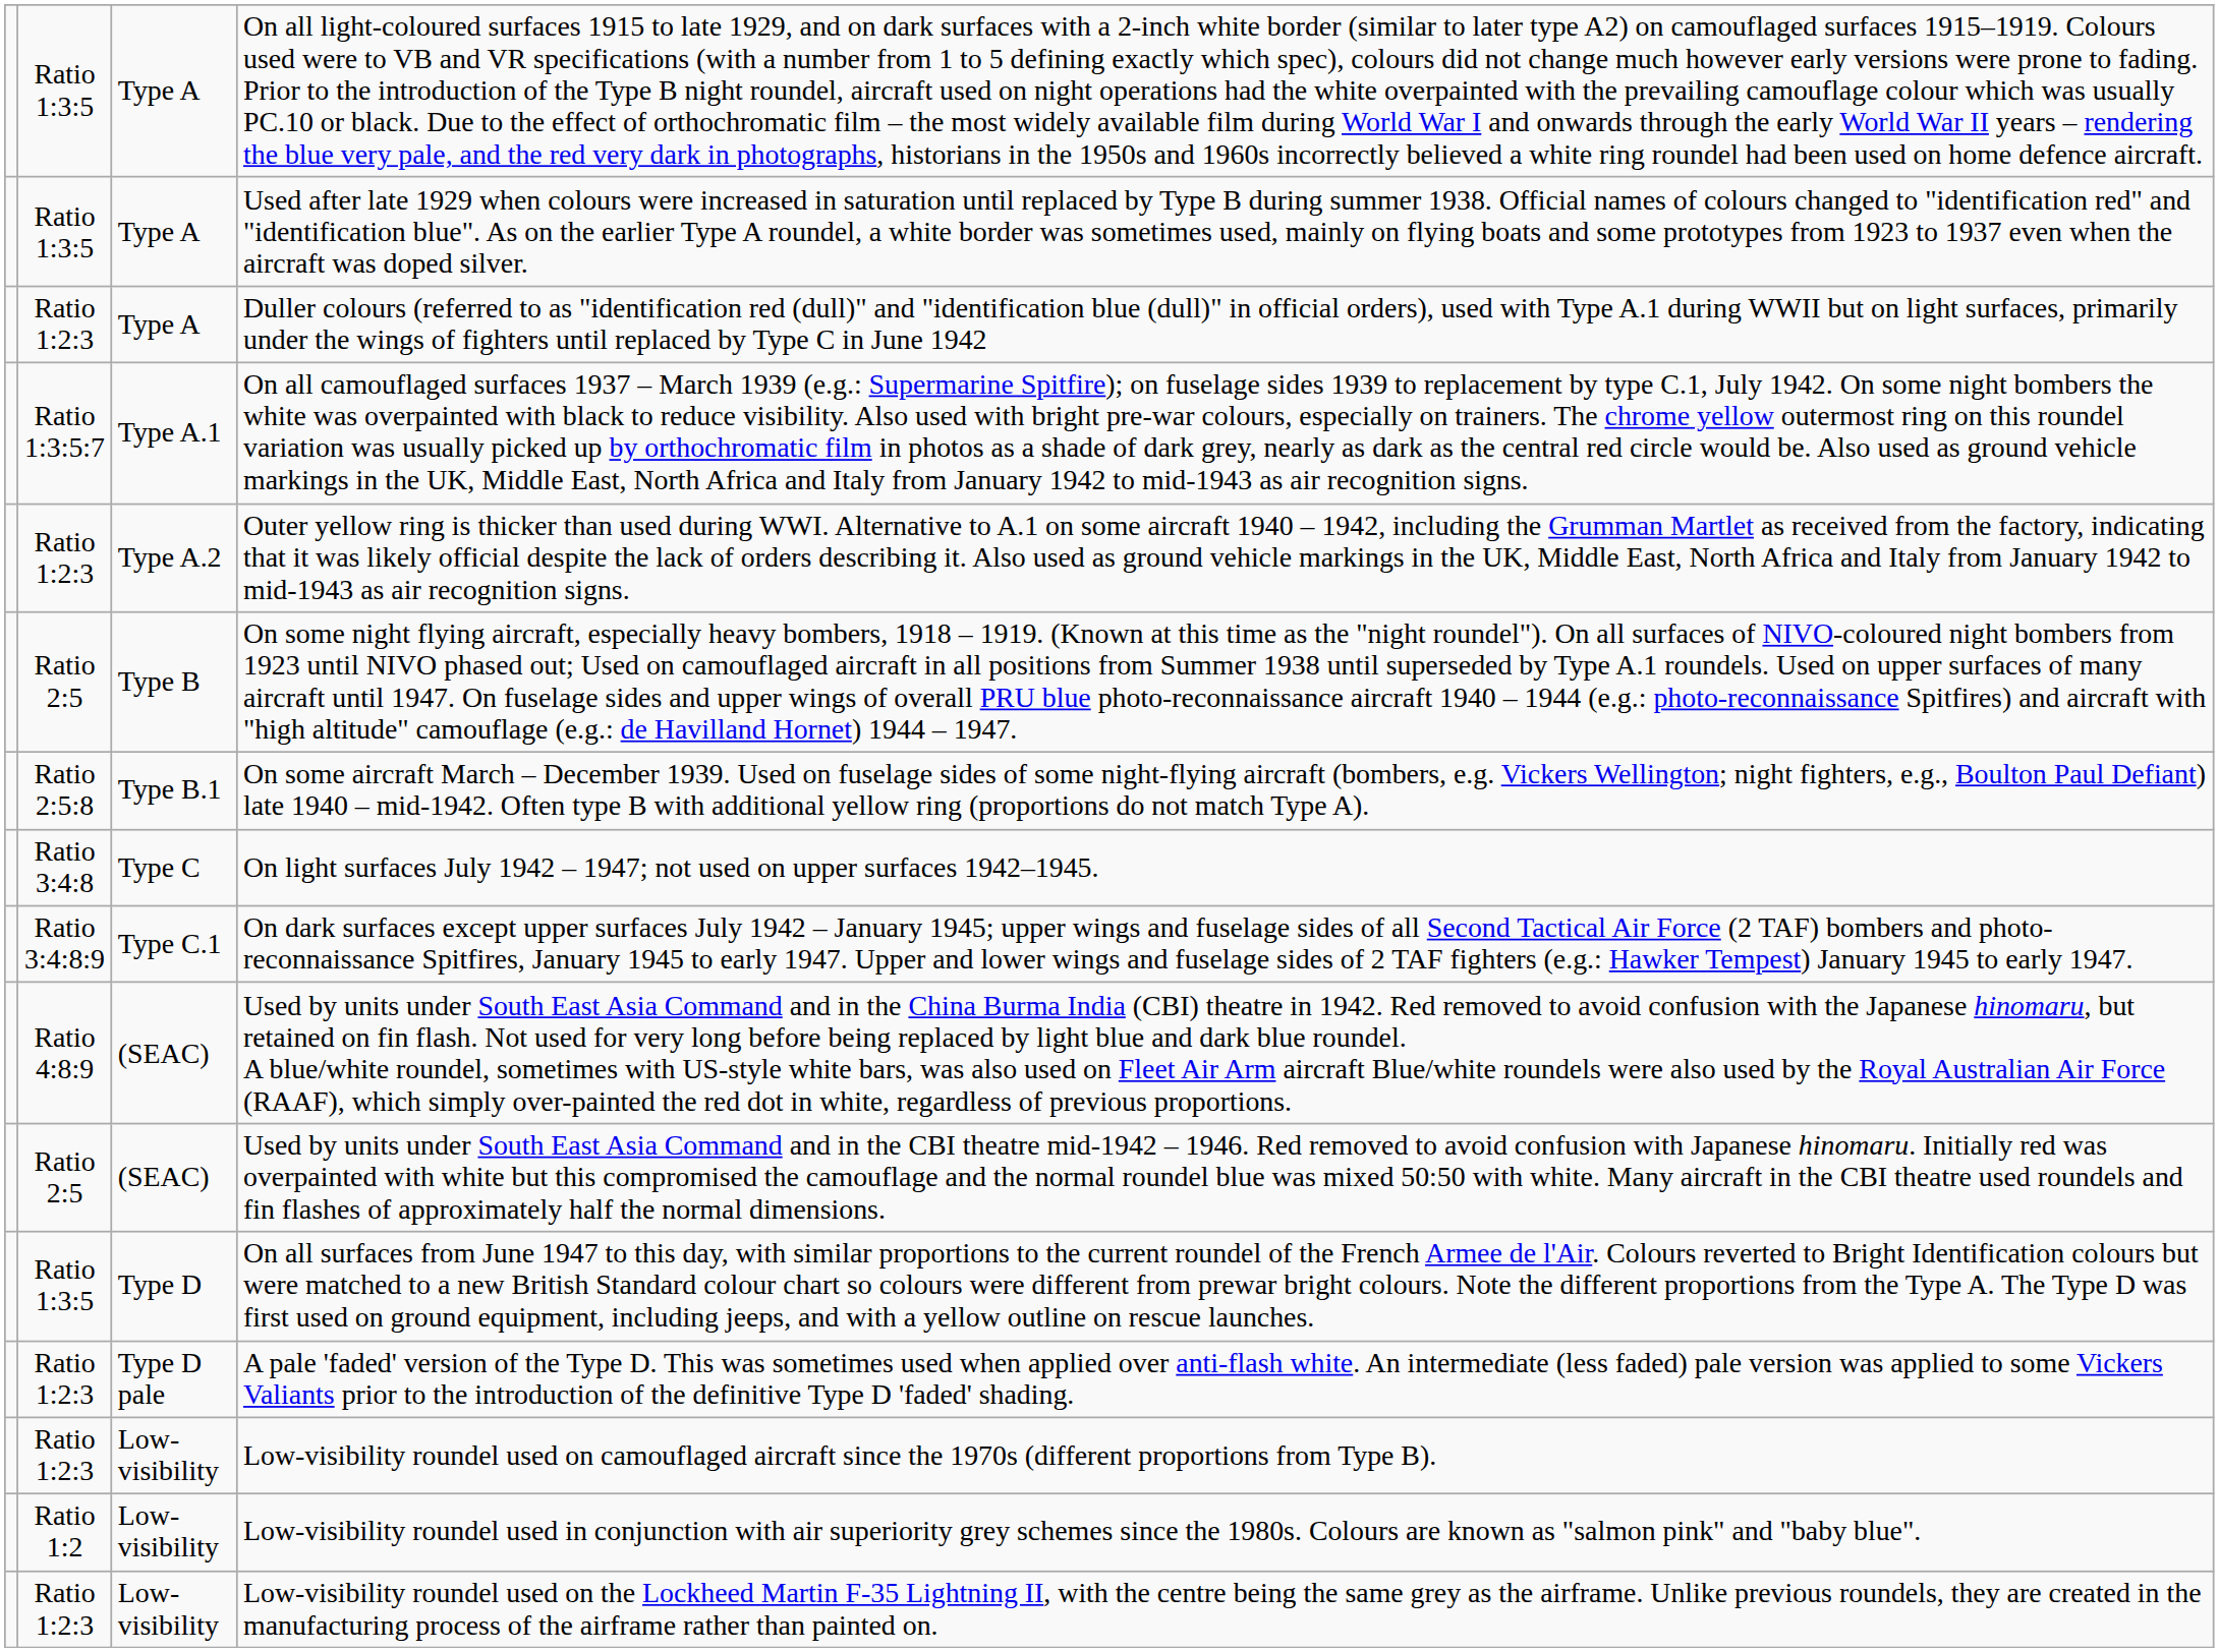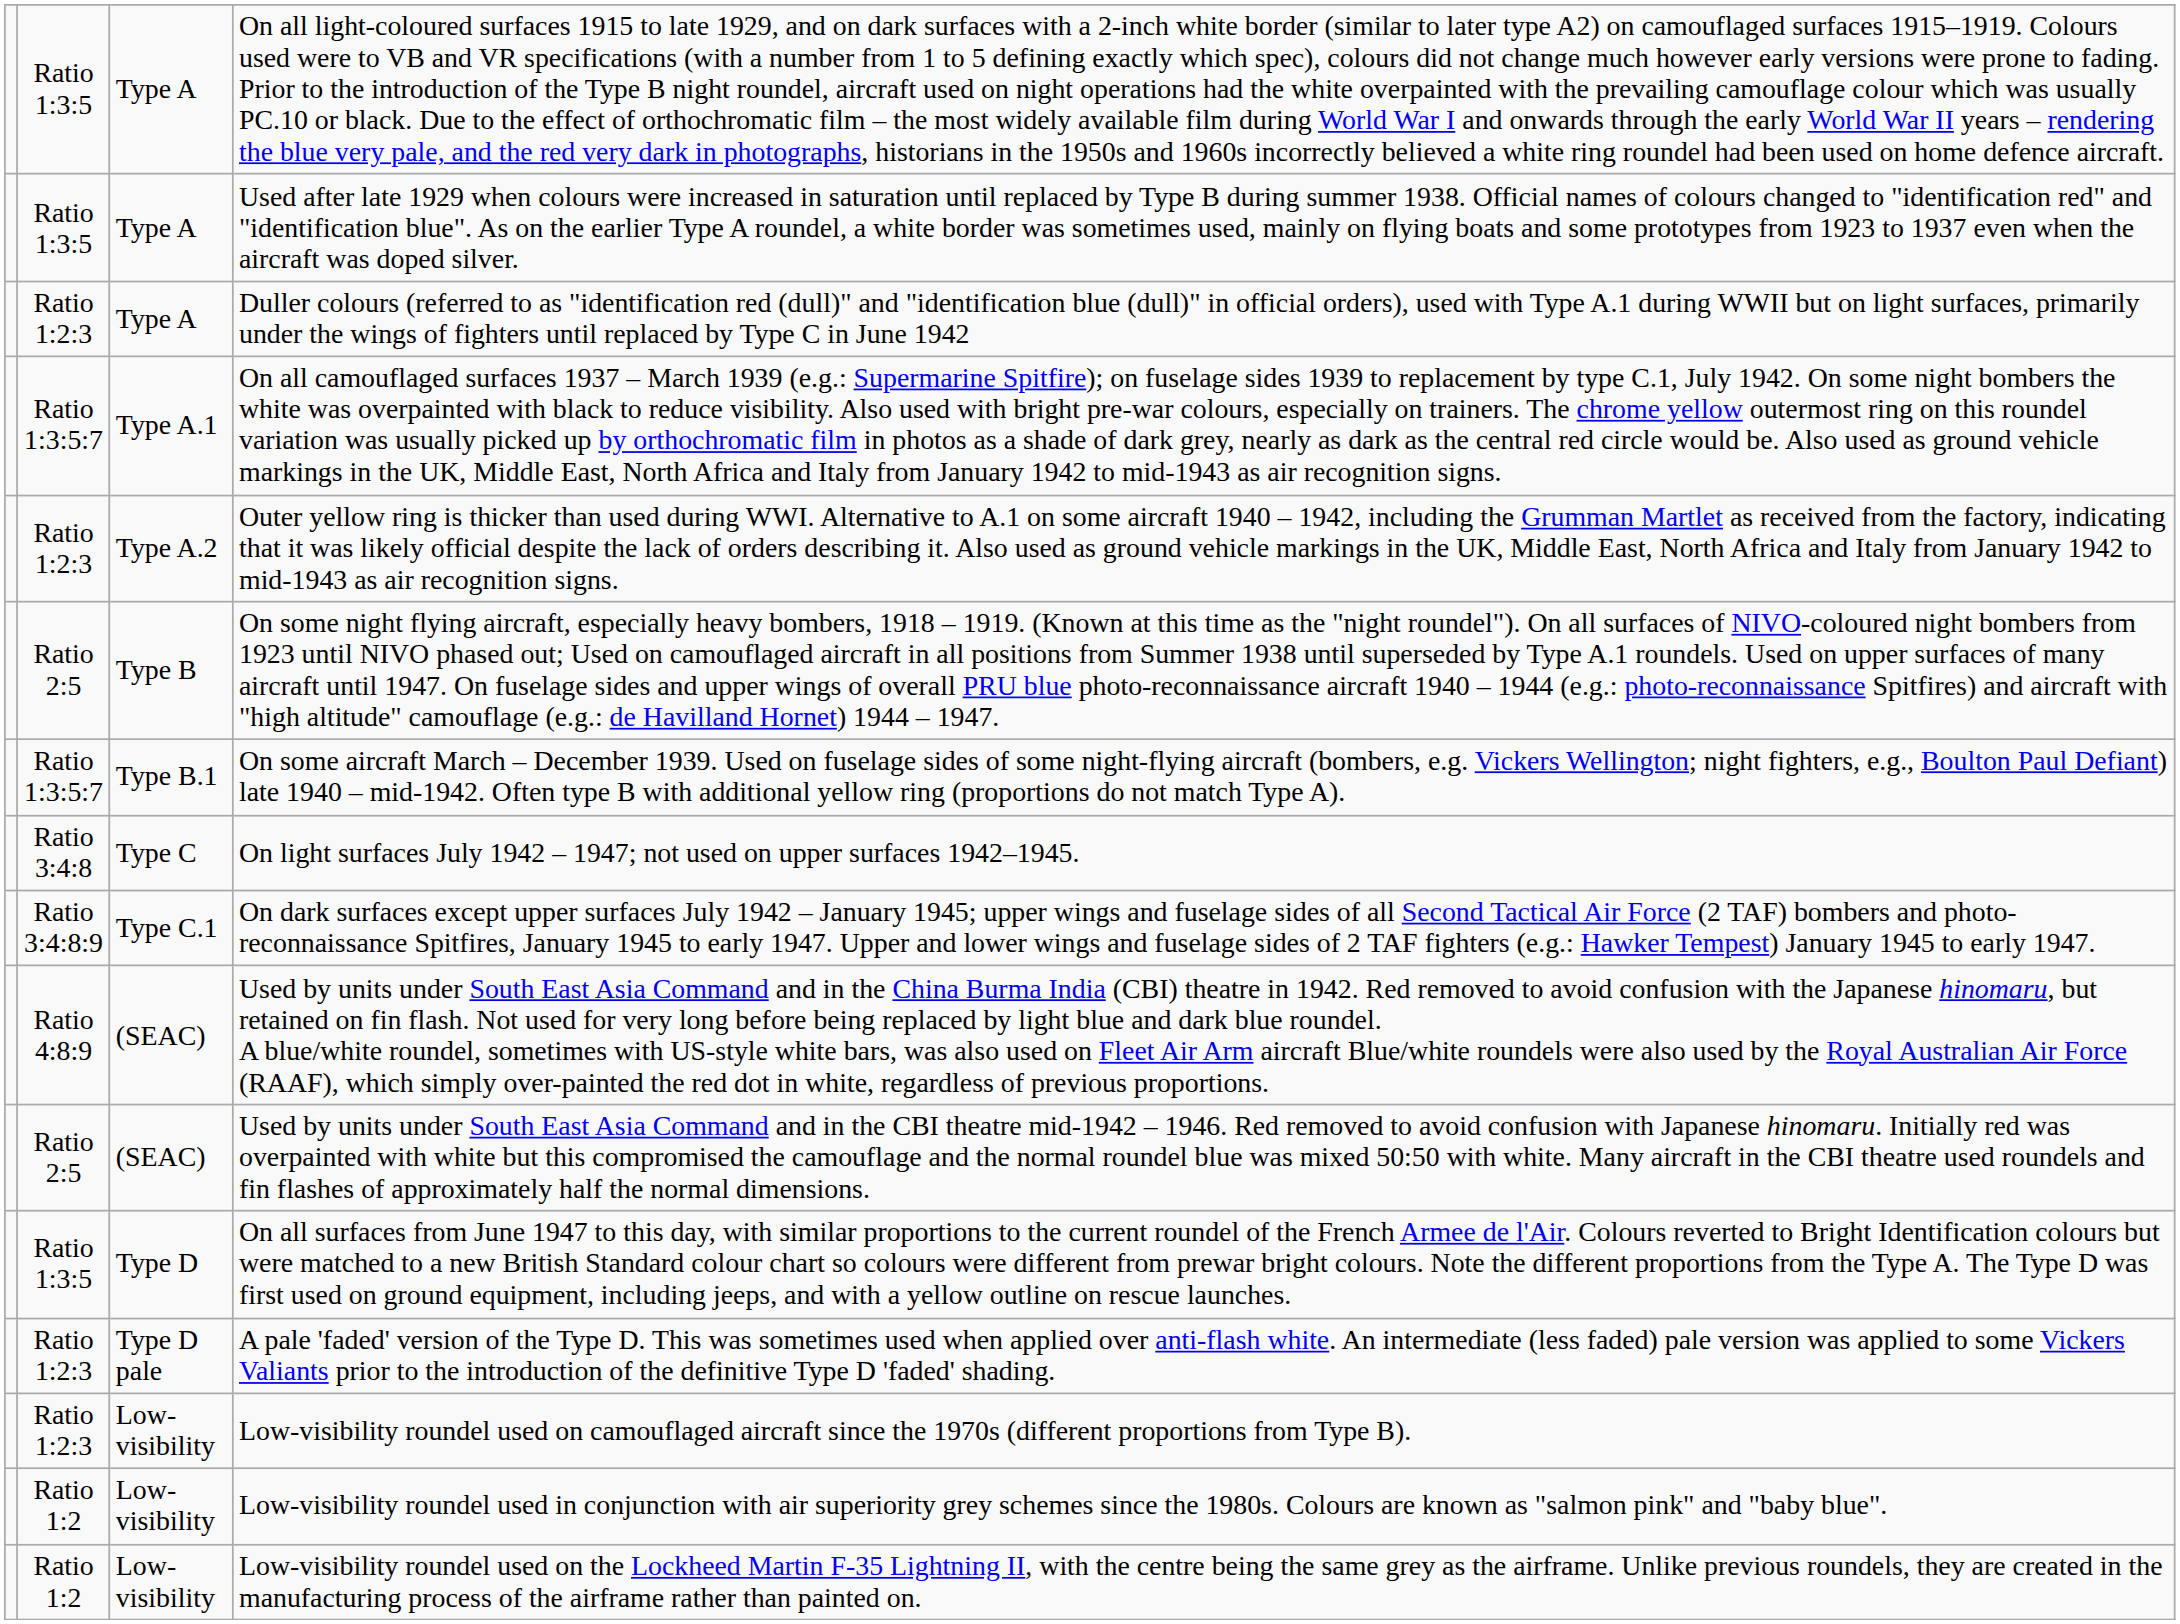 <table class="wikitable">
 <tr>
 <td class="noresize"></td>
 <td style="text-align:center;">Ratio<br>1:3:5</td>
 <td>Type A</td>
 <td>On all light-coloured surfaces 1915 to late 1929, and on dark surfaces with a 2-inch white border (similar to later type A2) on camouflaged surfaces 1915–1919. Colours used were to VB and VR specifications (with a number from 1 to 5 defining exactly which spec), colours did not change much however early versions were prone to fading. Prior to the introduction of the Type B night roundel, aircraft used on night operations had the white overpainted with the prevailing camouflage colour which was usually PC.10 or black. Due to the effect of orthochromatic film – the most widely available film during <a href='#'>World War I</a> and onwards through the early <a href='#'>World War II</a> years – <a href='#'>rendering the blue very pale, and the red very dark in photographs</a>, historians in the 1950s and 1960s incorrectly believed a white ring roundel had been used on home defence aircraft.</td>
 </tr>
 <tr>
 <td></td>
 <td style="text-align:center;">Ratio<br>1:3:5</td>
 <td>Type A</td>
 <td>Used after late 1929 when colours were increased in saturation until replaced by Type B during summer 1938. Official names of colours changed to "identification red" and "identification blue". As on the earlier Type A roundel, a white border was sometimes used, mainly on flying boats and some prototypes from 1923 to 1937 even when the aircraft was doped silver.</td>
 </tr>
 <tr>
 <td></td>
 <td style="text-align:center;">Ratio<br>1:2:3</td>
 <td>Type A</td>
 <td>Duller colours (referred to as "identification red (dull)" and "identification blue (dull)" in official orders), used with Type A.1 during WWII but on light surfaces, primarily under the wings of fighters until replaced by Type C in June 1942</td>
 </tr>
 <tr>
 <td></td>
 <td style="text-align:center;">Ratio<br>1:3:5:7</td>
 <td>Type A.1</td>
 <td>On all camouflaged surfaces 1937 – March 1939 (e.g.: <a href='#'>Supermarine Spitfire</a>); on fuselage sides 1939 to replacement by type C.1, July 1942. On some night bombers the white was overpainted with black to reduce visibility. Also used with bright pre-war colours, especially on trainers.  The <a href='#'>chrome yellow</a> outermost ring on this roundel variation was usually picked up <a href='#'>by orthochromatic film</a> in photos as a shade of dark grey, nearly as dark as the central red circle would be. Also used as ground vehicle markings in the UK, Middle East, North Africa and Italy from January 1942 to mid-1943 as air recognition signs.</td>
 </tr>
 <tr>
 <td></td>
 <td style="text-align:center;">Ratio<br>1:2:3</td>
 <td>Type A.2</td>
 <td>Outer yellow ring is thicker than used during WWI. Alternative to A.1 on some aircraft 1940 – 1942, including the <a href='#'>Grumman Martlet</a> as received from the factory, indicating that it was likely official despite the lack of orders describing it.  Also used as ground vehicle markings in the UK, Middle East, North Africa and Italy from January 1942 to mid-1943 as air recognition signs.</td>
 </tr>
 <tr>
 <td></td>
 <td style="text-align:center;">Ratio<br>2:5</td>
 <td>Type B</td>
 <td>On some night flying aircraft, especially heavy bombers, 1918 – 1919. (Known at this time as the "night roundel"). On all surfaces of <a href='#'>NIVO</a>-coloured night bombers from 1923 until NIVO phased out; Used on camouflaged aircraft in all positions from Summer 1938 until superseded by Type A.1 roundels. Used on upper surfaces of many aircraft until 1947. On fuselage sides and upper wings of overall <a href='#'>PRU blue</a> photo-reconnaissance aircraft 1940 – 1944 (e.g.: <a href='#'>photo-reconnaissance</a> Spitfires) and aircraft with "high altitude" camouflage (e.g.: <a href='#'>de Havilland Hornet</a>) 1944 – 1947.</td>
 </tr>
 <tr>
 <td></td>
-<td style="text-align:center;">Ratio<br>2:5:8</td>
+<td style="text-align:center;">Ratio<br>1:3:5:7</td>
 <td>Type B.1</td>
 <td>On some aircraft March – December 1939. Used on fuselage sides of some night-flying aircraft (bombers, e.g. <a href='#'>Vickers Wellington</a>; night fighters, e.g., <a href='#'>Boulton Paul Defiant</a>) late 1940 – mid-1942. Often type B with additional yellow ring (proportions do not match Type A).</td>
 </tr>
 <tr>
 <td></td>
 <td style="text-align:center;">Ratio<br>3:4:8</td>
 <td>Type C</td>
 <td>On light surfaces July 1942 – 1947; not used on upper surfaces 1942–1945.</td>
 </tr>
 <tr>
 <td></td>
 <td style="text-align:center;">Ratio<br>3:4:8:9</td>
 <td>Type C.1</td>
 <td>On dark surfaces except upper surfaces July 1942 – January 1945; upper wings and fuselage sides of all <a href='#'>Second Tactical Air Force</a> (2 TAF) bombers and photo-reconnaissance Spitfires, January 1945 to early 1947. Upper and lower wings and fuselage sides of 2 TAF fighters (e.g.: <a href='#'>Hawker Tempest</a>) January 1945 to early 1947.</td>
 </tr>
 <tr>
 <td></td>
 <td style="text-align:center;">Ratio<br>4:8:9</td>
 <td>(SEAC)</td>
 <td>Used by units under <a href='#'>South East Asia Command</a> and in the <a href='#'>China Burma India</a> (CBI) theatre in 1942. Red removed to avoid confusion with the Japanese <em><a href='#'>hinomaru</a></em>, but retained on fin flash. Not used for very long before being replaced by light blue and dark blue roundel.<br>A blue/white roundel, sometimes with US-style white bars, was also used on <a href='#'>Fleet Air Arm</a> aircraft Blue/white roundels were also used by the <a href='#'>Royal Australian Air Force</a> (RAAF), which simply over-painted the red dot in white, regardless of previous proportions.</td>
 </tr>
 <tr>
 <td></td>
 <td style="text-align:center;">Ratio<br>2:5</td>
 <td>(SEAC)</td>
 <td>Used by units under <a href='#'>South East Asia Command</a> and in the CBI theatre mid-1942 – 1946. Red removed to avoid confusion with Japanese <em>hinomaru</em>. Initially red was overpainted with white but this compromised the camouflage and the normal roundel blue was mixed 50:50 with white. Many aircraft in the CBI theatre used roundels and fin flashes of approximately half the normal dimensions.</td>
 </tr>
 <tr>
 <td></td>
 <td style="text-align:center;">Ratio<br>1:3:5</td>
 <td>Type D</td>
 <td>On all surfaces from June 1947 to this day, with similar proportions to the current roundel of the French <a href='#'>Armee de l'Air</a>. Colours reverted to Bright Identification colours but were matched to a new British Standard colour chart so colours were different from prewar bright colours. Note the different proportions from the Type A. The Type D was first used on ground equipment, including jeeps, and with a yellow outline on rescue launches.</td>
 </tr>
 <tr>
 <td></td>
 <td style="text-align:center;">Ratio<br>1:2:3</td>
 <td>Type D pale</td>
 <td>A pale 'faded' version of the Type D. This was sometimes used when applied over <a href='#'>anti-flash white</a>. An intermediate (less faded) pale version was applied to some <a href='#'>Vickers Valiants</a> prior to the introduction of the definitive Type D 'faded' shading.</td>
 </tr>
 <tr>
 <td></td>
 <td style="text-align:center;">Ratio<br>1:2:3</td>
 <td>Low-visibility</td>
 <td>Low-visibility roundel used on camouflaged aircraft since the 1970s (different proportions from Type B).</td>
 </tr>
 <tr>
 <td></td>
 <td style="text-align:center;">Ratio<br>1:2</td>
 <td>Low-visibility</td>
 <td>Low-visibility roundel used in conjunction with air superiority grey schemes since the 1980s. Colours are known as "salmon pink" and "baby blue".</td>
 </tr>
 <tr>
 <td></td>
-<td style="text-align:center;">Ratio<br>1:2:3</td>
+<td style="text-align:center;">Ratio<br>1:2</td>
 <td>Low-visibility</td>
 <td>Low-visibility roundel used on the <a href='#'>Lockheed Martin F-35 Lightning II</a>, with the centre being the same grey as the airframe. Unlike previous roundels, they are created in the manufacturing process of the airframe rather than painted on.</td>
 </tr>
 </table>
